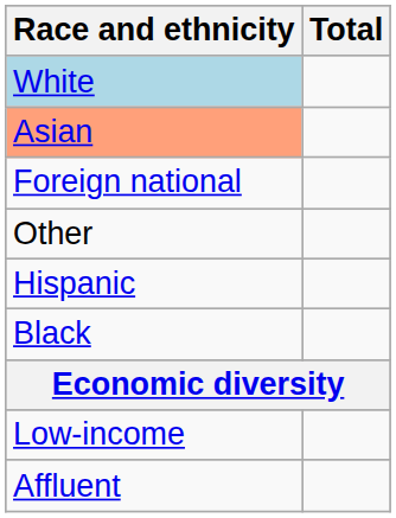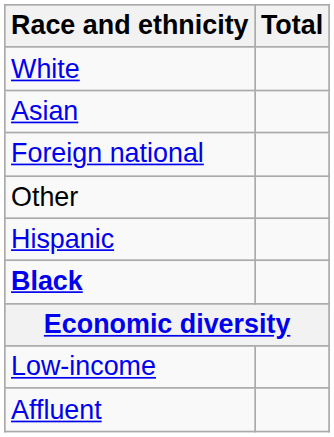 <table class="wikitable floatright sortable collapsible"; text-align:right; font-size:80%;">
 <tr>
 <th>Race and ethnicity</th>
 <th colspan="2" data-sort-type=number>Total</th>
 </tr>
 <tr>
-<td style="background: lightblue;"><a href='#'>White</a></td>
+<td><a href='#'>White</a></td>
 <td align=right></td>
 </tr>
 <tr>
-<td style="background: lightsalmon;"><a href='#'>Asian</a></td>
+<td><a href='#'>Asian</a></td>
 <td align=right></td>
 </tr>
 <tr>
 <td><a href='#'>Foreign national</a></td>
 <td align=right></td>
 </tr>
 <tr>
 <td>Other</td>
 <td align=right></td>
 </tr>
 <tr>
 <td><a href='#'>Hispanic</a></td>
 <td align=right></td>
 </tr>
 <tr>
-<td><a href='#'>Black</a></td>
+<td><strong><a href='#'>Black</a></strong></td>
 <td align=right></td>
 </tr>
 <tr>
 <th colspan="4" data-sort-type=number><a href='#'>Economic diversity</a></th>
 </tr>
 <tr>
 <td><a href='#'>Low-income</a></td>
 <td align=right></td>
 </tr>
 <tr>
 <td><a href='#'>Affluent</a></td>
 <td align=right></td>
 </tr>
 </table>
